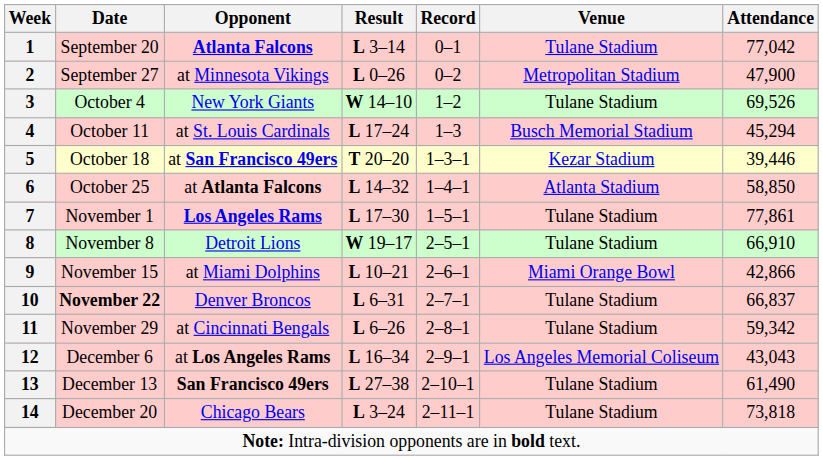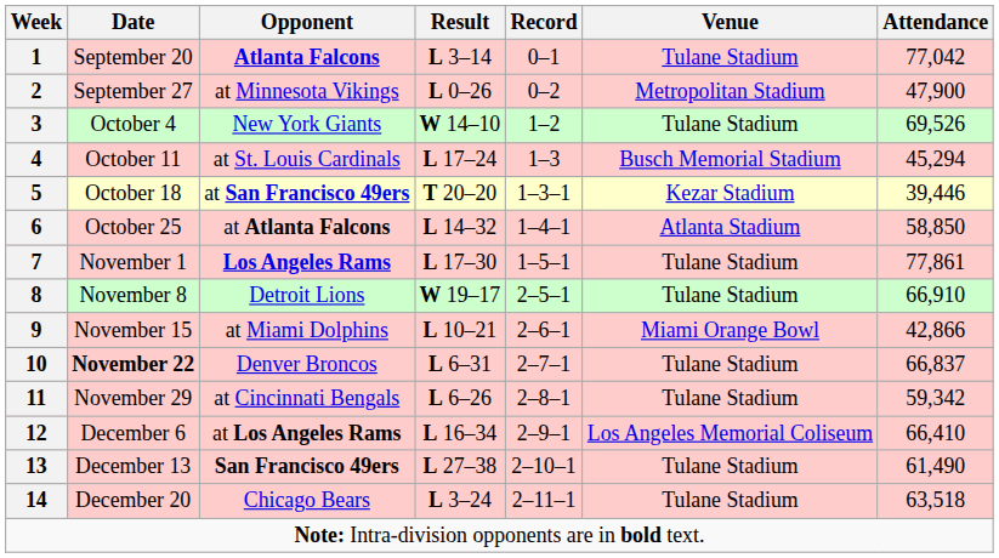 <table class="wikitable" style="text-align:center">
 <tr>
 <th>Week</th>
 <th>Date</th>
 <th>Opponent</th>
 <th>Result</th>
 <th>Record</th>
 <th>Venue</th>
 <th>Attendance</th>
 </tr>
 <tr style="background:#fcc">
 <th>1</th>
 <td>September 20</td>
 <td><strong><a href='#'>Atlanta Falcons</a></strong></td>
 <td><strong>L</strong> 3–14</td>
 <td>0–1</td>
 <td><a href='#'>Tulane Stadium</a></td>
 <td>77,042</td>
 </tr>
 <tr style="background:#fcc">
 <th>2</th>
 <td>September 27</td>
 <td>at <a href='#'>Minnesota Vikings</a></td>
 <td><strong>L</strong> 0–26</td>
 <td>0–2</td>
 <td><a href='#'>Metropolitan Stadium</a></td>
 <td>47,900</td>
 </tr>
 <tr style="background:#cfc">
 <th>3</th>
 <td>October 4</td>
 <td><a href='#'>New York Giants</a></td>
 <td><strong>W</strong> 14–10</td>
 <td>1–2</td>
 <td>Tulane Stadium</td>
 <td>69,526</td>
 </tr>
 <tr style="background:#fcc">
 <th>4</th>
 <td>October 11</td>
 <td>at <a href='#'>St. Louis Cardinals</a></td>
 <td><strong>L</strong> 17–24</td>
 <td>1–3</td>
 <td><a href='#'>Busch Memorial Stadium</a></td>
 <td>45,294</td>
 </tr>
 <tr style="background:#ffc">
 <th>5</th>
 <td>October 18</td>
 <td>at  <strong><a href='#'>San Francisco 49ers</a></strong></td>
 <td><strong>T</strong> 20–20</td>
 <td>1–3–1</td>
 <td><a href='#'>Kezar Stadium</a></td>
 <td>39,446</td>
 </tr>
 <tr style="background:#fcc">
 <th>6</th>
 <td>October 25</td>
 <td>at  <strong>Atlanta Falcons</strong></td>
 <td><strong>L</strong> 14–32</td>
 <td>1–4–1</td>
 <td><a href='#'>Atlanta Stadium</a></td>
 <td>58,850</td>
 </tr>
 <tr style="background:#fcc">
 <th>7</th>
 <td>November 1</td>
 <td><strong><a href='#'>Los Angeles Rams</a></strong></td>
 <td><strong>L</strong> 17–30</td>
 <td>1–5–1</td>
 <td>Tulane Stadium</td>
 <td>77,861</td>
 </tr>
 <tr style="background:#cfc">
 <th>8</th>
 <td>November 8</td>
 <td><a href='#'>Detroit Lions</a></td>
 <td><strong>W</strong> 19–17</td>
 <td>2–5–1</td>
 <td>Tulane Stadium</td>
 <td>66,910</td>
 </tr>
 <tr style="background:#fcc">
 <th>9</th>
 <td>November 15</td>
 <td>at <a href='#'>Miami Dolphins</a></td>
 <td><strong>L</strong> 10–21</td>
 <td>2–6–1</td>
 <td><a href='#'>Miami Orange Bowl</a></td>
 <td>42,866</td>
 </tr>
 <tr style="background:#fcc">
 <th>10</th>
 <td><strong>November 22</strong></td>
 <td><a href='#'>Denver Broncos</a></td>
 <td><strong>L</strong> 6–31</td>
 <td>2–7–1</td>
 <td>Tulane Stadium</td>
 <td>66,837</td>
 </tr>
 <tr style="background:#fcc">
 <th>11</th>
 <td>November 29</td>
 <td>at <a href='#'>Cincinnati Bengals</a></td>
 <td><strong>L</strong> 6–26</td>
 <td>2–8–1</td>
 <td>Tulane Stadium</td>
 <td>59,342</td>
 </tr>
 <tr style="background:#fcc">
 <th>12</th>
 <td>December 6</td>
 <td>at <strong>Los Angeles Rams</strong></td>
 <td><strong>L</strong> 16–34</td>
 <td>2–9–1</td>
 <td><a href='#'>Los Angeles Memorial Coliseum</a></td>
-<td>43,043</td>
+<td>66,410</td>
 </tr>
 <tr style="background:#fcc">
 <th>13</th>
 <td>December 13</td>
 <td><strong>San Francisco 49ers</strong></td>
 <td><strong>L</strong> 27–38</td>
 <td>2–10–1</td>
 <td>Tulane Stadium</td>
 <td>61,490</td>
 </tr>
 <tr style="background:#fcc">
 <th>14</th>
 <td>December 20</td>
 <td><a href='#'>Chicago Bears</a></td>
 <td><strong>L</strong> 3–24</td>
 <td>2–11–1</td>
 <td>Tulane Stadium</td>
-<td>73,818</td>
+<td>63,518</td>
 </tr>
 <tr>
 <td colspan="7"><strong>Note:</strong> Intra-division opponents are in <strong>bold</strong> text.</td>
 </tr>
 </table>
